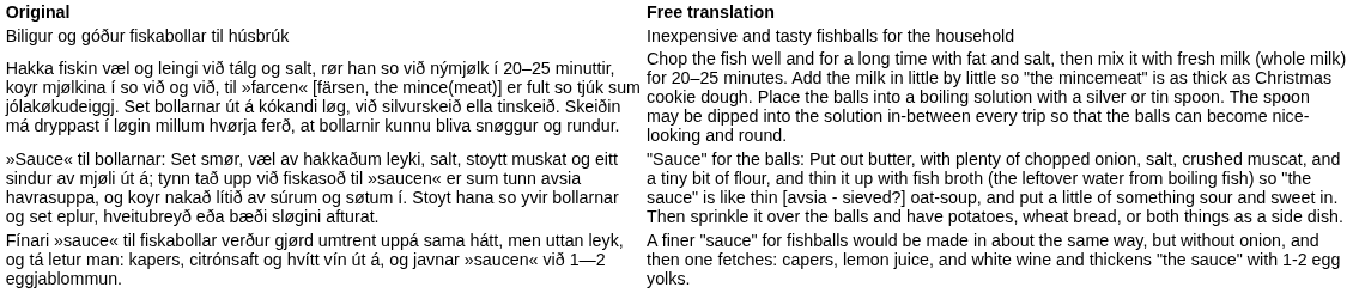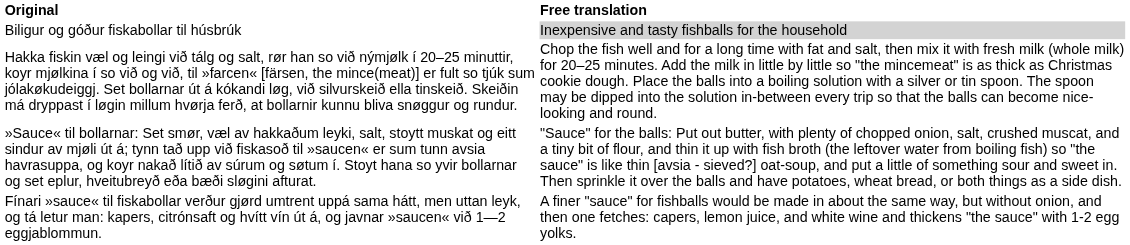 <table border="0" width="100%" style="text-align: left;">
 <tr>
 <th>Original</th>
 <th>Free translation</th>
 </tr>
 <tr>
 <td>Biligur og góður fiskabollar til húsbrúk</td>
-<td>Inexpensive and tasty fishballs for the household</td>
+<td style="background: lightgrey;">Inexpensive and tasty fishballs for the household</td>
 </tr>
 <tr>
 <td>Hakka fiskin væl og leingi við tálg og salt, rør han so við nýmjølk í 20–25 minuttir, koyr mjølkina í so við og við, til »farcen« [färsen, the mince(meat)] er fult so tjúk sum jólakøkudeiggj. Set bollarnar út á kókandi løg, við silvurskeið ella tinskeið. Skeiðin má dryppast í løgin millum hvørja ferð, at bollarnir kunnu bliva snøggur og rundur.</td>
 <td>Chop the fish well and for a long time with fat and salt, then mix it with fresh milk (whole milk) for 20–25 minutes. Add the milk in little by little so "the mincemeat" is as thick as Christmas cookie dough. Place the balls into a boiling solution with a silver or tin spoon. The spoon may be dipped into the solution in-between every trip so that the balls can become nice-looking and round.</td>
 </tr>
 <tr>
 <td>»Sauce« til bollarnar: Set smør, væl av hakkaðum leyki, salt, stoytt muskat og eitt sindur av mjøli út á; tynn tað upp við fiskasoð til »saucen« er sum tunn avsia havrasuppa, og koyr nakað lítið av súrum og søtum í. Stoyt hana so yvir bollarnar og set eplur, hveitubreyð eða bæði sløgini afturat.</td>
 <td>"Sauce" for the balls: Put out butter, with plenty of chopped onion, salt, crushed muscat, and a tiny bit of flour, and thin it up with fish broth (the leftover water from boiling fish) so "the sauce" is like thin [avsia - sieved?] oat-soup, and put a little of something sour and sweet in. Then sprinkle it over the balls and have potatoes, wheat bread, or both things as a side dish.</td>
 </tr>
 <tr>
 <td>Fínari »sauce« til fiskabollar verður gjørd umtrent uppá sama hátt, men uttan leyk, og tá letur man: kapers, citrónsaft og hvítt vín út á, og javnar »saucen« við 1—2 eggjablommun.</td>
 <td>A finer "sauce" for fishballs would be made in about the same way, but without onion, and then one fetches: capers, lemon juice, and white wine and thickens "the sauce" with 1-2 egg yolks.</td>
 </tr>
 </table>
